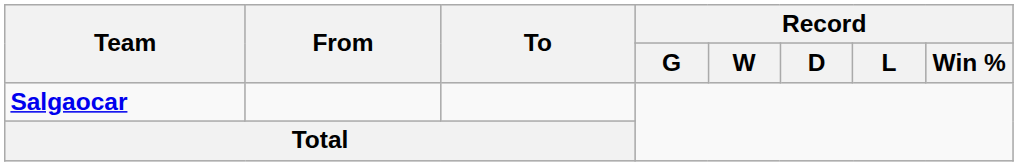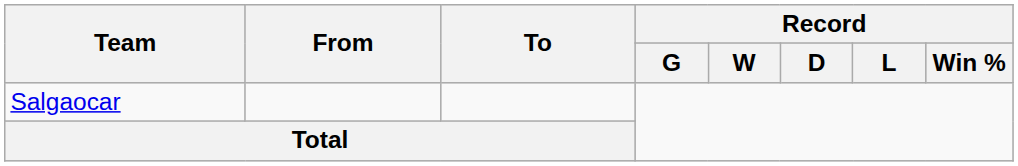 <table class="wikitable" style="text-align: center">
 <tr>
 <th rowspan=2! width=150>Team</th>
 <th rowspan=2! width=120>From</th>
 <th rowspan=2! width=120>To</th>
 <th colspan=7>Record</th>
 </tr>
 <tr>
 <th width=40>G</th>
 <th width=40>W</th>
 <th width=40>D</th>
 <th width=40>L</th>
 <th width=50>Win %</th>
 </tr>
 <tr>
-<td align=left><strong> <a href='#'>Salgaocar</a></strong></td>
+<td align=left> <a href='#'>Salgaocar</a></td>
 <td align=left></td>
 <td align=left><br></td>
 </tr>
 <tr>
 <th colspan="3">Total<br></th>
 </tr>
 </table>
